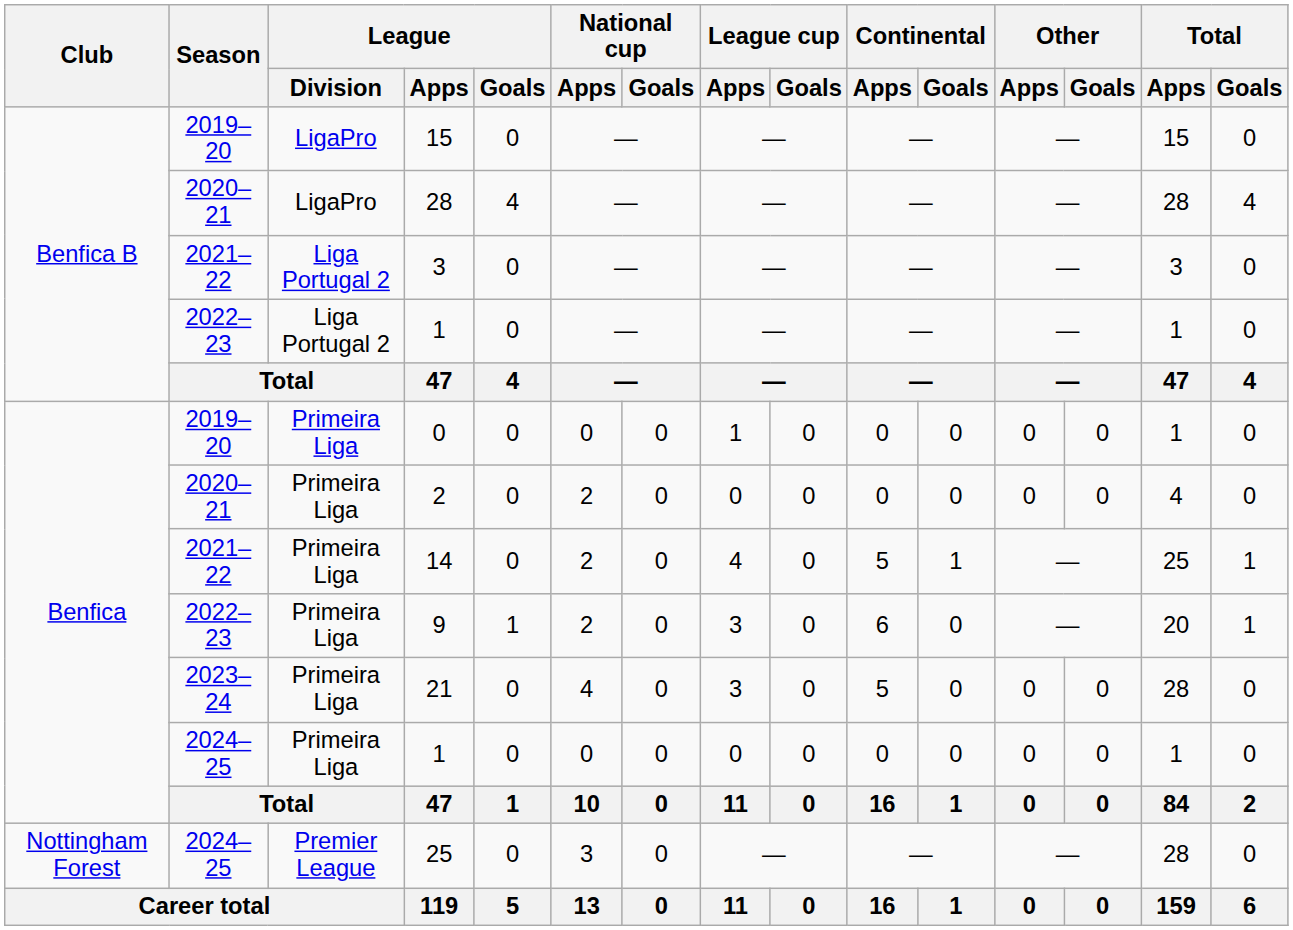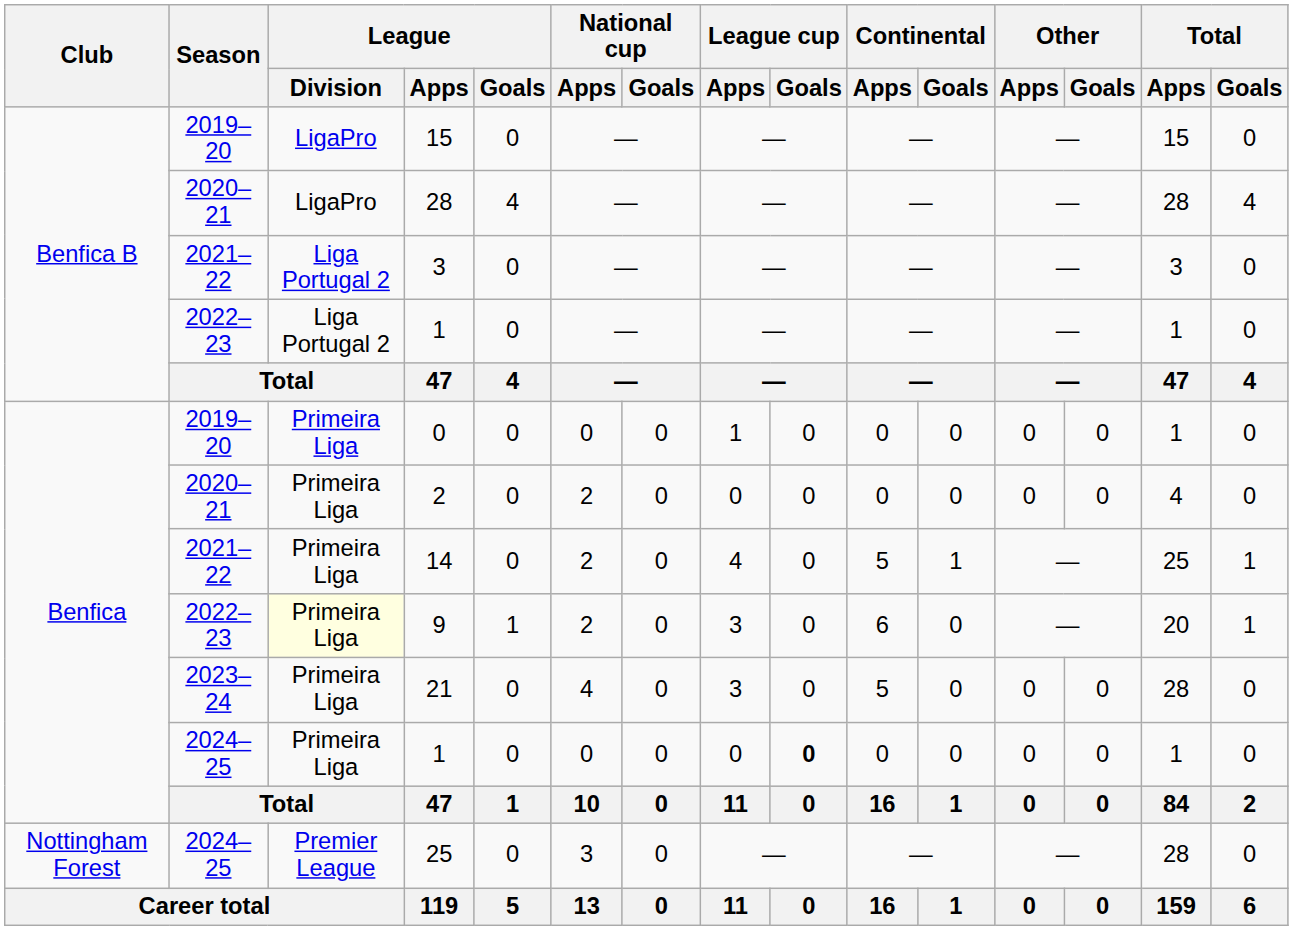 <table class="wikitable" style="text-align: center">
 <tr>
 <th rowspan="2">Club</th>
 <th rowspan="2">Season</th>
 <th colspan="3">League</th>
 <th colspan="2">National cup</th>
 <th colspan="2">League cup</th>
 <th colspan="2">Continental</th>
 <th colspan="2">Other</th>
 <th colspan="2">Total</th>
 </tr>
 <tr>
 <th>Division</th>
 <th>Apps</th>
 <th>Goals</th>
 <th>Apps</th>
 <th>Goals</th>
 <th>Apps</th>
 <th>Goals</th>
 <th>Apps</th>
 <th>Goals</th>
 <th>Apps</th>
 <th>Goals</th>
 <th>Apps</th>
 <th>Goals</th>
 </tr>
 <tr>
 <td rowspan="5"><a href='#'>Benfica B</a></td>
 <td><a href='#'>2019–20</a></td>
 <td><a href='#'>LigaPro</a></td>
 <td>15</td>
 <td>0</td>
 <td colspan="2">—</td>
 <td colspan="2">—</td>
 <td colspan="2">—</td>
 <td colspan="2">—</td>
 <td>15</td>
 <td>0</td>
 </tr>
 <tr>
 <td><a href='#'>2020–21</a></td>
 <td>LigaPro</td>
 <td>28</td>
 <td>4</td>
 <td colspan="2">—</td>
 <td colspan="2">—</td>
 <td colspan="2">—</td>
 <td colspan="2">—</td>
 <td>28</td>
 <td>4</td>
 </tr>
 <tr>
 <td><a href='#'>2021–22</a></td>
 <td><a href='#'>Liga Portugal 2</a></td>
 <td>3</td>
 <td>0</td>
 <td colspan="2">—</td>
 <td colspan="2">—</td>
 <td colspan="2">—</td>
 <td colspan="2">—</td>
 <td>3</td>
 <td>0</td>
 </tr>
 <tr>
 <td><a href='#'>2022–23</a></td>
 <td>Liga Portugal 2</td>
 <td>1</td>
 <td>0</td>
 <td colspan="2">—</td>
 <td colspan="2">—</td>
 <td colspan="2">—</td>
 <td colspan="2">—</td>
 <td>1</td>
 <td>0</td>
 </tr>
 <tr>
 <th colspan="2">Total</th>
 <th>47</th>
 <th>4</th>
 <th colspan="2">—</th>
 <th colspan="2">—</th>
 <th colspan="2">—</th>
 <th colspan="2">—</th>
 <th>47</th>
 <th>4</th>
 </tr>
 <tr>
 <td rowspan="7"><a href='#'>Benfica</a></td>
 <td><a href='#'>2019–20</a></td>
 <td><a href='#'>Primeira Liga</a></td>
 <td>0</td>
 <td>0</td>
 <td>0</td>
 <td>0</td>
 <td>1</td>
 <td>0</td>
 <td>0</td>
 <td>0</td>
 <td>0</td>
 <td>0</td>
 <td>1</td>
 <td>0</td>
 </tr>
 <tr>
 <td><a href='#'>2020–21</a></td>
 <td>Primeira Liga</td>
 <td>2</td>
 <td>0</td>
 <td>2</td>
 <td>0</td>
 <td>0</td>
 <td>0</td>
 <td>0</td>
 <td>0</td>
 <td>0</td>
 <td>0</td>
 <td>4</td>
 <td>0</td>
 </tr>
 <tr>
 <td><a href='#'>2021–22</a></td>
 <td>Primeira Liga</td>
 <td>14</td>
 <td>0</td>
 <td>2</td>
 <td>0</td>
 <td>4</td>
 <td>0</td>
 <td>5</td>
 <td>1</td>
 <td colspan="2">—</td>
 <td>25</td>
 <td>1</td>
 </tr>
 <tr>
 <td><a href='#'>2022–23</a></td>
-<td>Primeira Liga</td>
+<td style="background: lightyellow;">Primeira Liga</td>
 <td>9</td>
 <td>1</td>
 <td>2</td>
 <td>0</td>
 <td>3</td>
 <td>0</td>
 <td>6</td>
 <td>0</td>
 <td colspan="2">—</td>
 <td>20</td>
 <td>1</td>
 </tr>
 <tr>
 <td><a href='#'>2023–24</a></td>
 <td>Primeira Liga</td>
 <td>21</td>
 <td>0</td>
 <td>4</td>
 <td>0</td>
 <td>3</td>
 <td>0</td>
 <td>5</td>
 <td>0</td>
 <td>0</td>
 <td>0</td>
 <td>28</td>
 <td>0</td>
 </tr>
 <tr>
 <td><a href='#'>2024–25</a></td>
 <td>Primeira Liga</td>
 <td>1</td>
 <td>0</td>
 <td>0</td>
 <td>0</td>
 <td>0</td>
-<td>0</td>
+<td><strong>0</strong></td>
 <td>0</td>
 <td>0</td>
 <td>0</td>
 <td>0</td>
 <td>1</td>
 <td>0</td>
 </tr>
 <tr>
 <th colspan="2">Total</th>
 <th>47</th>
 <th>1</th>
 <th>10</th>
 <th>0</th>
 <th>11</th>
 <th>0</th>
 <th>16</th>
 <th>1</th>
 <th>0</th>
 <th>0</th>
 <th>84</th>
 <th>2</th>
 </tr>
 <tr>
 <td><a href='#'>Nottingham Forest</a></td>
 <td><a href='#'>2024–25</a></td>
 <td><a href='#'>Premier League</a></td>
 <td>25</td>
 <td>0</td>
 <td>3</td>
 <td>0</td>
 <td colspan="2">—</td>
 <td colspan="2">—</td>
 <td colspan="2">—</td>
 <td>28</td>
 <td>0</td>
 </tr>
 <tr>
 <th colspan="3">Career total</th>
 <th>119</th>
 <th>5</th>
 <th>13</th>
 <th>0</th>
 <th>11</th>
 <th>0</th>
 <th>16</th>
 <th>1</th>
 <th>0</th>
 <th>0</th>
 <th>159</th>
 <th>6</th>
 </tr>
 </table>
